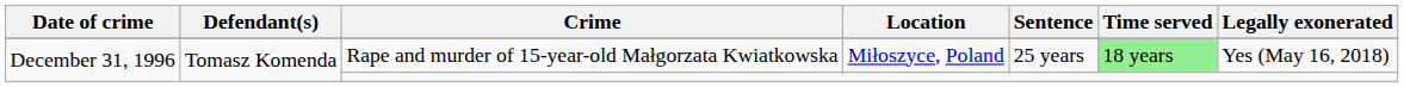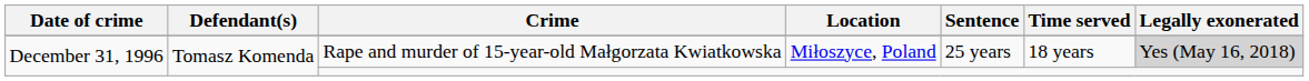 <table class="wikitable sortable">
 <tr>
 <th>Date of crime</th>
 <th>Defendant(s)</th>
 <th>Crime</th>
 <th>Location</th>
 <th>Sentence</th>
 <th>Time served</th>
 <th>Legally exonerated</th>
 </tr>
 <tr>
 </tr>
 <tr ->
 <td rowspan="2">December 31, 1996</td>
 <td rowspan="2">Tomasz Komenda</td>
 <td>Rape and murder of 15-year-old Małgorzata Kwiatkowska</td>
 <td><a href='#'>Miłoszyce</a>, <a href='#'>Poland</a></td>
 <td>25 years</td>
-<td style="background: lightgreen;">18 years</td>
-<td>Yes (May 16, 2018)</td>
+<td>18 years</td>
+<td style="background: lightgrey;">Yes (May 16, 2018)</td>
 </tr>
 <tr>
 <td colspan=5></td>
 </tr>
 </table>
